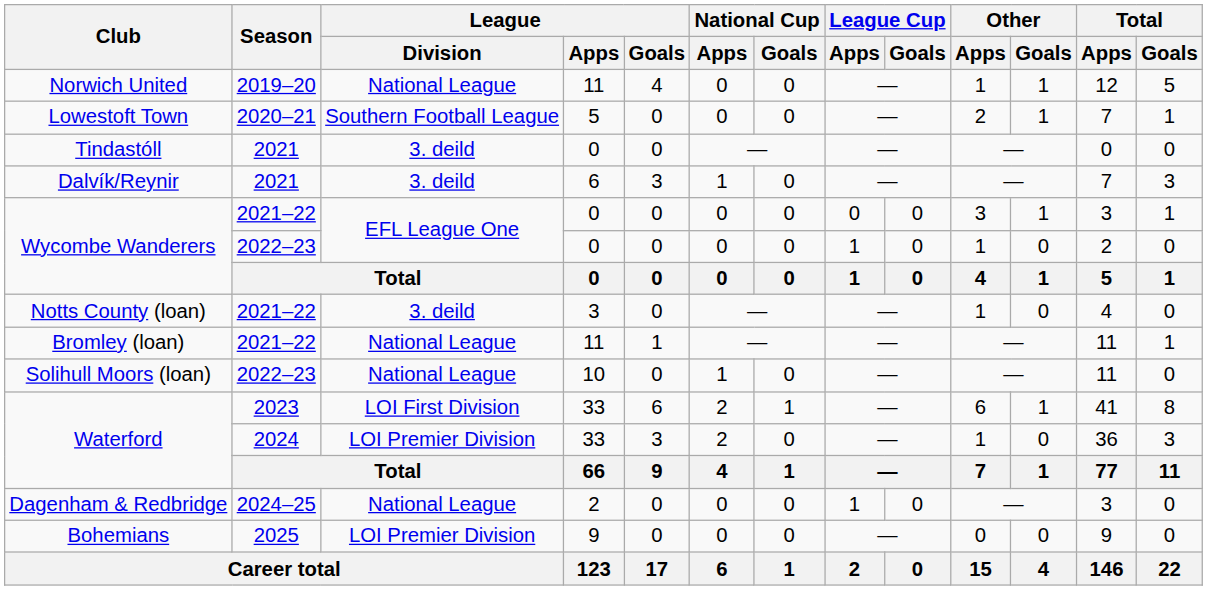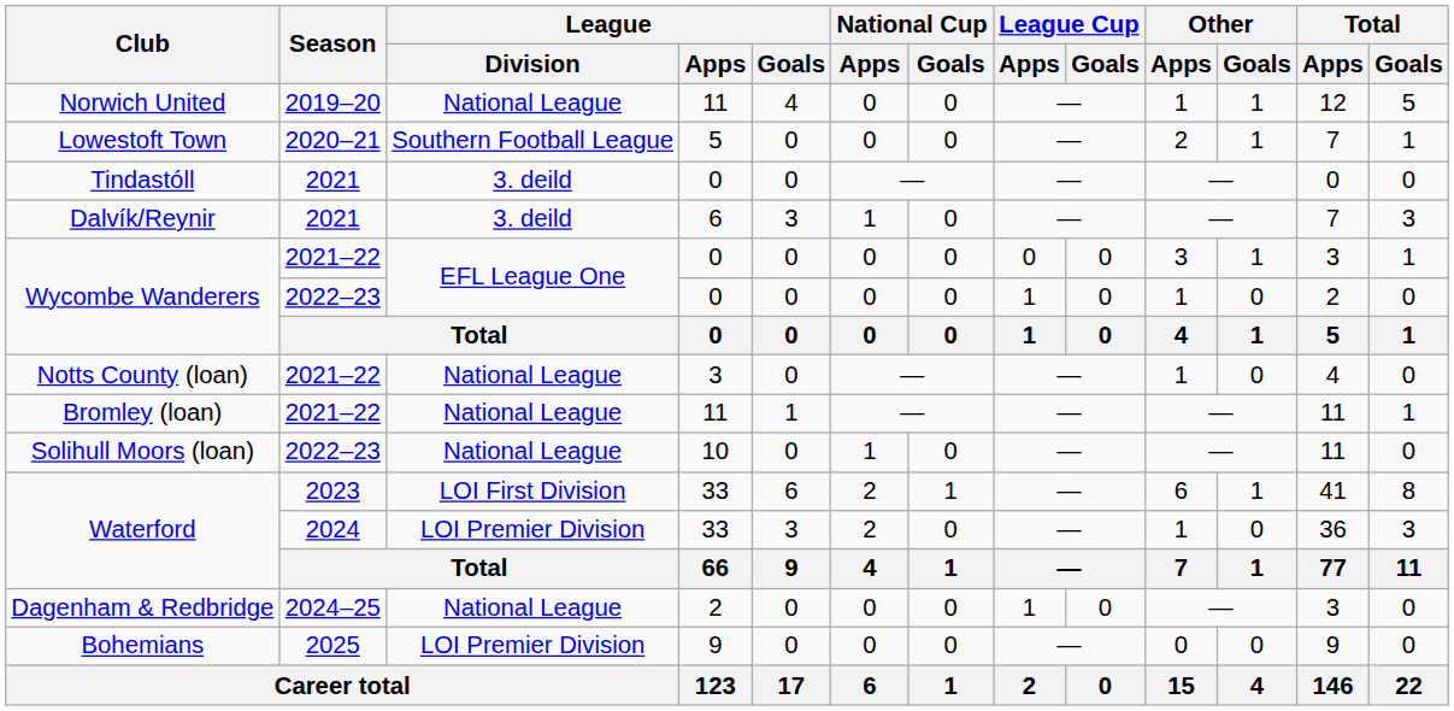 <table class=wikitable style="text-align: center">
 <tr>
 <th rowspan=2>Club</th>
 <th rowspan=2>Season</th>
 <th colspan=3>League</th>
 <th colspan=2>National Cup</th>
 <th colspan=2><a href='#'>League Cup</a></th>
 <th colspan=2>Other</th>
 <th colspan=2>Total</th>
 </tr>
 <tr>
 <th>Division</th>
 <th>Apps</th>
 <th>Goals</th>
 <th>Apps</th>
 <th>Goals</th>
 <th>Apps</th>
 <th>Goals</th>
 <th>Apps</th>
 <th>Goals</th>
 <th>Apps</th>
 <th>Goals</th>
 </tr>
 <tr>
 <td><a href='#'>Norwich United</a></td>
 <td><a href='#'>2019–20</a></td>
 <td><a href='#'>National League</a></td>
 <td>11</td>
 <td>4</td>
 <td>0</td>
 <td>0</td>
 <td colspan="2">—</td>
 <td>1</td>
 <td>1</td>
 <td>12</td>
 <td>5</td>
 </tr>
 <tr>
 <td><a href='#'>Lowestoft Town</a></td>
 <td><a href='#'>2020–21</a></td>
 <td><a href='#'>Southern Football League</a></td>
 <td>5</td>
 <td>0</td>
 <td>0</td>
 <td>0</td>
 <td colspan="2">—</td>
 <td>2</td>
 <td>1</td>
 <td>7</td>
 <td>1</td>
 </tr>
 <tr>
 <td><a href='#'>Tindastóll</a></td>
 <td><a href='#'>2021</a></td>
 <td><a href='#'>3. deild</a></td>
 <td>0</td>
 <td>0</td>
 <td colspan="2">—</td>
 <td colspan="2">—</td>
 <td colspan="2">—</td>
 <td>0</td>
 <td>0</td>
 </tr>
 <tr>
 <td><a href='#'>Dalvík/Reynir</a></td>
 <td><a href='#'>2021</a></td>
 <td><a href='#'>3. deild</a></td>
 <td>6</td>
 <td>3</td>
 <td>1</td>
 <td>0</td>
 <td colspan="2">—</td>
 <td colspan="2">—</td>
 <td>7</td>
 <td>3</td>
 </tr>
 <tr>
 <td rowspan="3"><a href='#'>Wycombe Wanderers</a></td>
 <td><a href='#'>2021–22</a></td>
 <td rowspan="2"><a href='#'>EFL League One</a></td>
 <td>0</td>
 <td>0</td>
 <td>0</td>
 <td>0</td>
 <td>0</td>
 <td>0</td>
 <td>3</td>
 <td>1</td>
 <td>3</td>
 <td>1</td>
 </tr>
 <tr>
 <td><a href='#'>2022–23</a></td>
 <td>0</td>
 <td>0</td>
 <td>0</td>
 <td>0</td>
 <td>1</td>
 <td>0</td>
 <td>1</td>
 <td>0</td>
 <td>2</td>
 <td>0</td>
 </tr>
 <tr>
 <th colspan="2">Total</th>
 <th>0</th>
 <th>0</th>
 <th>0</th>
 <th>0</th>
 <th>1</th>
 <th>0</th>
 <th>4</th>
 <th>1</th>
 <th>5</th>
 <th>1</th>
 </tr>
 <tr>
 <td><a href='#'>Notts County</a> (loan)</td>
 <td><a href='#'>2021–22</a></td>
-<td><a href='#'>3. deild</a></td>
+<td><a href='#'>National League</a></td>
 <td>3</td>
 <td>0</td>
 <td colspan="2">—</td>
 <td colspan="2">—</td>
 <td>1</td>
 <td>0</td>
 <td>4</td>
 <td>0</td>
 </tr>
 <tr>
 <td><a href='#'>Bromley</a> (loan)</td>
 <td><a href='#'>2021–22</a></td>
 <td><a href='#'>National League</a></td>
 <td>11</td>
 <td>1</td>
 <td colspan="2">—</td>
 <td colspan="2">—</td>
 <td colspan="2">—</td>
 <td>11</td>
 <td>1</td>
 </tr>
 <tr>
 <td><a href='#'>Solihull Moors</a> (loan)</td>
 <td><a href='#'>2022–23</a></td>
 <td><a href='#'>National League</a></td>
 <td>10</td>
 <td>0</td>
 <td>1</td>
 <td>0</td>
 <td colspan="2">—</td>
 <td colspan="2">—</td>
 <td>11</td>
 <td>0</td>
 </tr>
 <tr>
 <td rowspan="3"><a href='#'>Waterford</a></td>
 <td><a href='#'>2023</a></td>
 <td><a href='#'>LOI First Division</a></td>
 <td>33</td>
 <td>6</td>
 <td>2</td>
 <td>1</td>
 <td colspan="2">—</td>
 <td>6</td>
 <td>1</td>
 <td>41</td>
 <td>8</td>
 </tr>
 <tr>
 <td><a href='#'>2024</a></td>
 <td><a href='#'>LOI Premier Division</a></td>
 <td>33</td>
 <td>3</td>
 <td>2</td>
 <td>0</td>
 <td colspan="2">—</td>
 <td>1</td>
 <td>0</td>
 <td>36</td>
 <td>3</td>
 </tr>
 <tr>
 <th colspan="2">Total</th>
 <th>66</th>
 <th>9</th>
 <th>4</th>
 <th>1</th>
 <th colspan="2">—</th>
 <th>7</th>
 <th>1</th>
 <th>77</th>
 <th>11</th>
 </tr>
 <tr>
 <td><a href='#'>Dagenham & Redbridge</a></td>
 <td><a href='#'>2024–25</a></td>
 <td><a href='#'>National League</a></td>
 <td>2</td>
 <td>0</td>
 <td>0</td>
 <td>0</td>
 <td>1</td>
 <td>0</td>
 <td colspan="2">—</td>
 <td>3</td>
 <td>0</td>
 </tr>
 <tr>
 <td><a href='#'>Bohemians</a></td>
 <td><a href='#'>2025</a></td>
 <td><a href='#'>LOI Premier Division</a></td>
 <td>9</td>
 <td>0</td>
 <td>0</td>
 <td>0</td>
 <td colspan="2">—</td>
 <td>0</td>
 <td>0</td>
 <td>9</td>
 <td>0</td>
 </tr>
 <tr>
 <th colspan="3">Career total</th>
 <th>123</th>
 <th>17</th>
 <th>6</th>
 <th>1</th>
 <th>2</th>
 <th>0</th>
 <th>15</th>
 <th>4</th>
 <th>146</th>
 <th>22</th>
 </tr>
 </table>
